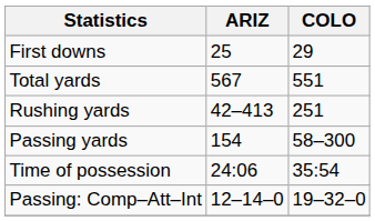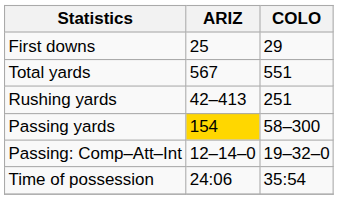 <table class="wikitable" style="float: left;">
 <tr>
 <th>Statistics</th>
 <th>ARIZ</th>
 <th>COLO</th>
 </tr>
 <tr>
 <td>First downs</td>
 <td>25</td>
 <td>29</td>
 </tr>
 <tr>
 <td>Total yards</td>
 <td>567</td>
 <td>551</td>
 </tr>
 <tr>
 <td>Rushing yards</td>
 <td>42–413</td>
 <td>251</td>
 </tr>
 <tr>
 <td>Passing yards</td>
-<td>154</td>
+<td style="background: gold;">154</td>
 <td>58–300</td>
+</tr>
+<tr>
+<td>Passing: Comp–Att–Int</td>
+<td>12–14–0</td>
+<td>19–32–0</td>
 </tr>
 <tr>
 <td>Time of possession</td>
 <td>24:06</td>
 <td>35:54</td>
 </tr>
 <tr>
-<td>Passing: Comp–Att–Int</td>
-<td>12–14–0</td>
-<td>19–32–0</td>
-</tr>
-<tr>
 </tr>
 </table>
